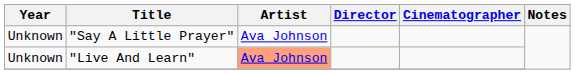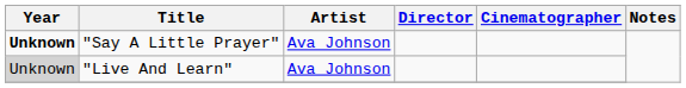 <table class="wikitable">
 <tr>
 <th>Year</th>
 <th>Title</th>
 <th>Artist</th>
 <th><a href='#'>Director</a></th>
 <th><a href='#'>Cinematographer</a></th>
 <th>Notes</th>
 </tr>
 <tr>
-<td>Unknown</td>
+<td><strong>Unknown</strong></td>
 <td>"Say A Little Prayer"</td>
 <td><a href='#'>Ava Johnson</a></td>
 <td></td>
 <td></td>
 </tr>
 <tr>
-<td>Unknown</td>
+<td style="background: lightgrey;">Unknown</td>
 <td>"Live And Learn"</td>
-<td style="background: lightsalmon;"><a href='#'>Ava Johnson</a></td>
+<td><a href='#'>Ava Johnson</a></td>
 <td></td>
 <td></td>
 </tr>
 <tr>
 </tr>
 </table>
